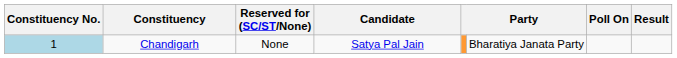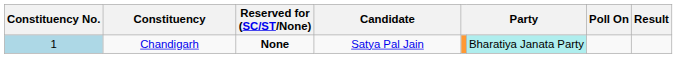 <table class="wikitable sortable" style="text-align:center">
 <tr>
 <th>Constituency No.</th>
 <th style="width:180px;">Constituency</th>
 <th>Reserved for<br>(<a href='#'>SC/ST</a>/None)</th>
 <th style="width:200px;">Candidate</th>
 <th colspan="2">Party</th>
 <th>Poll On</th>
 <th>Result</th>
 </tr>
 <tr>
 <td style="background: lightblue; text-align:center;">1</td>
 <td><a href='#'>Chandigarh</a></td>
-<td>None</td>
+<td><strong>None</strong></td>
 <td><a href='#'>Satya Pal Jain</a></td>
 <td bgcolor=#FF9933></td>
-<td>Bharatiya Janata Party</td>
+<td style="background: paleturquoise;">Bharatiya Janata Party</td>
 <td></td>
 <td></td>
 </tr>
 </table>
